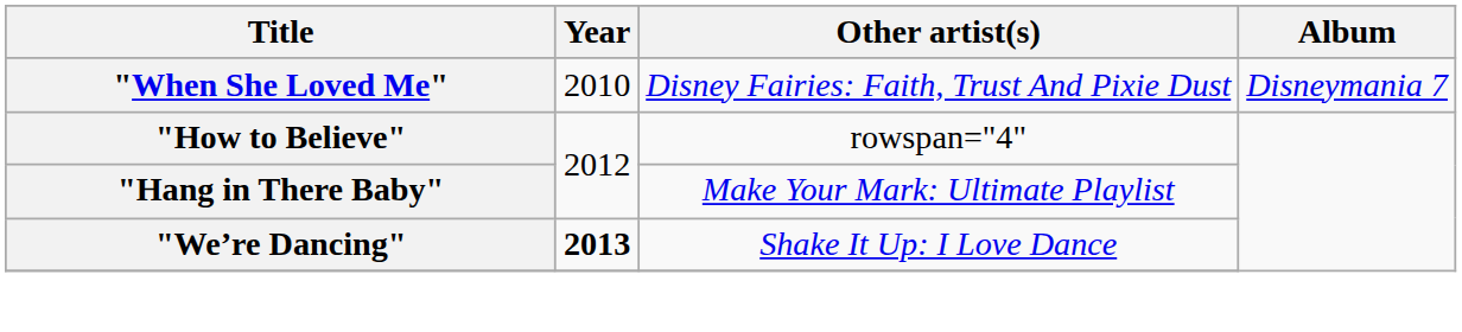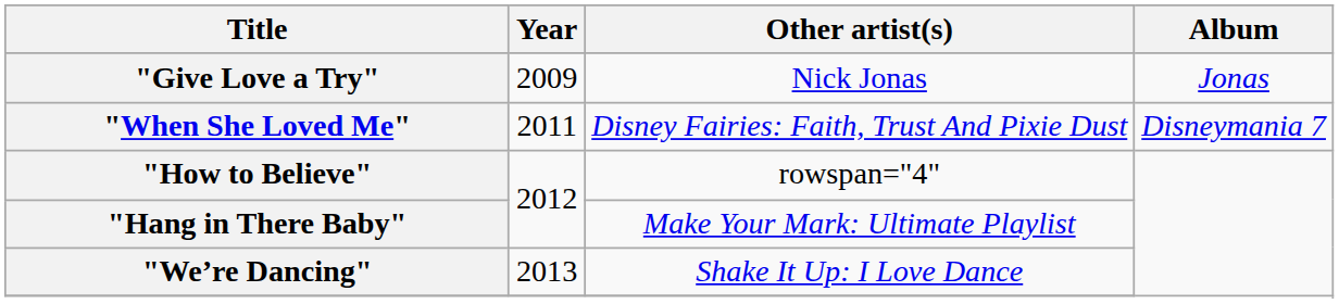 <table class="wikitable plainrowheaders" style="text-align:center;" border="1">
 <tr>
 <th scope="col" style="width:16em;">Title</th>
 <th scope="col">Year</th>
 <th scope="col">Other artist(s)</th>
 <th scope="col">Album</th>
 </tr>
 <tr>
+<th scope="row">"Give Love a Try"</th>
+<td>2009</td>
+<td><a href='#'>Nick Jonas</a></td>
+<td><em><a href='#'>Jonas</a></em></td>
+</tr>
+<tr>
 <th scope="row">"<a href='#'>When She Loved Me</a>"</th>
-<td>2010</td>
+<td>2011</td>
 <td><em><a href='#'>Disney Fairies: Faith, Trust And Pixie Dust</a></em></td>
 <td><em><a href='#'>Disneymania 7</a></em></td>
 </tr>
 <tr>
 <th scope="row">"How to Believe"</th>
 <td rowspan="2">2012</td>
 <td>rowspan="4" </td>
 </tr>
 <tr>
 <th scope="row">"Hang in There Baby"</th>
 <td><em><a href='#'>Make Your Mark: Ultimate Playlist</a></em></td>
 </tr>
 <tr>
 <th scope="row">"We’re Dancing" </th>
-<td><strong>2013</strong></td>
+<td>2013</td>
 <td><em><a href='#'>Shake It Up: I Love Dance</a></em></td>
 </tr>
 <tr>
 </tr>
 </table>
